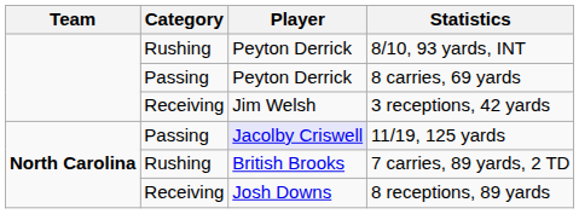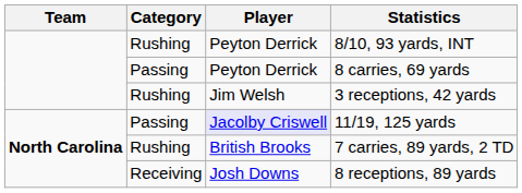 <table class="wikitable" style="float: left;">
 <tr>
 <th>Team</th>
 <th>Category</th>
 <th>Player</th>
 <th>Statistics</th>
 </tr>
 <tr>
 <td rowspan=3><strong></strong></td>
 <td>Rushing</td>
 <td>Peyton Derrick</td>
 <td>8/10, 93 yards, INT</td>
 </tr>
 <tr>
 <td>Passing</td>
 <td>Peyton Derrick</td>
 <td>8 carries, 69 yards</td>
 </tr>
 <tr>
-<td>Receiving</td>
+<td>Rushing</td>
 <td>Jim Welsh</td>
 <td>3 receptions, 42 yards</td>
 </tr>
 <tr>
 <td rowspan=3><strong>North Carolina</strong></td>
 <td>Passing</td>
 <td style="background: lavender;"><a href='#'>Jacolby Criswell</a></td>
 <td>11/19, 125 yards</td>
 </tr>
 <tr>
 <td>Rushing</td>
 <td><a href='#'>British Brooks</a></td>
 <td>7 carries, 89 yards, 2 TD</td>
 </tr>
 <tr>
 <td>Receiving</td>
 <td><a href='#'>Josh Downs</a></td>
 <td>8 receptions, 89 yards</td>
 </tr>
 </table>
